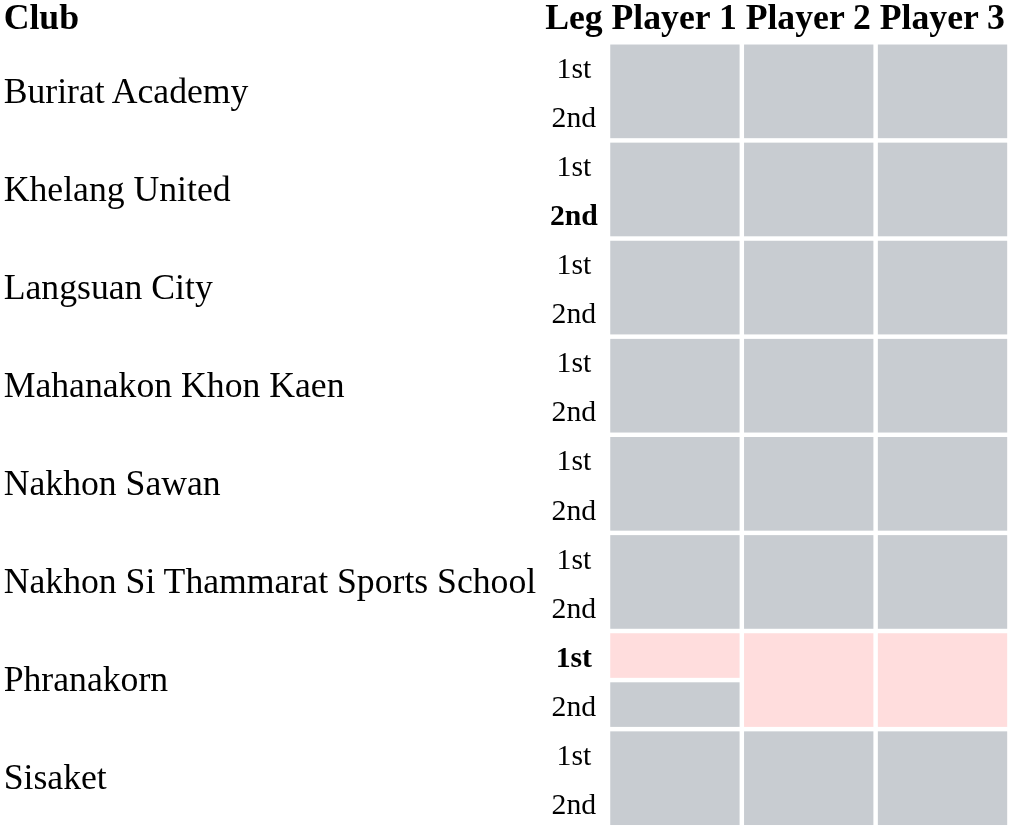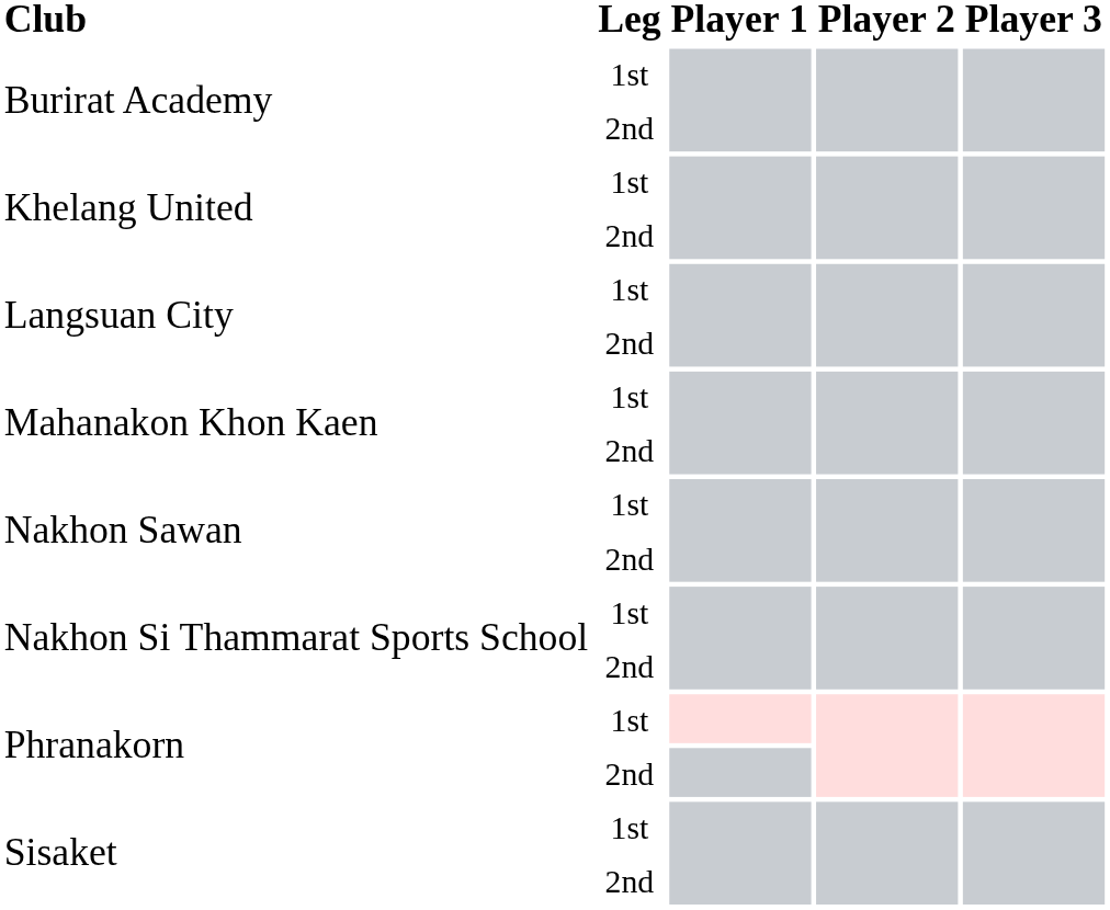 <table class="sortable" style="text-align:left">
 <tr>
 <th>Club</th>
 <th>Leg</th>
 <th>Player 1</th>
 <th>Player 2</th>
 <th>Player 3</th>
 </tr>
 <tr>
 <td rowspan="2">Burirat Academy</td>
 <td align="center"><small>1st</small></td>
 <td bgcolor="#c8ccd1"rowspan="2"></td>
 <td bgcolor="#c8ccd1"rowspan="2"></td>
 <td bgcolor="#c8ccd1"rowspan="2"></td>
 </tr>
 <tr>
 <td align="center"><small>2nd</small></td>
 </tr>
 <tr>
 <td rowspan="2">Khelang United</td>
 <td align="center"><small>1st</small></td>
 <td bgcolor="#c8ccd1"rowspan="2"></td>
 <td bgcolor="#c8ccd1"rowspan="2"></td>
 <td bgcolor="#c8ccd1"rowspan="2"></td>
 </tr>
 <tr>
-<td align="center"><strong><small>2nd</small></strong></td>
+<td align="center"><small>2nd</small></td>
 </tr>
 <tr>
 <td rowspan="2">Langsuan City</td>
 <td align="center"><small>1st</small></td>
 <td bgcolor="#c8ccd1"rowspan="2"></td>
 <td bgcolor="#c8ccd1"rowspan="2"></td>
 <td bgcolor="#c8ccd1"rowspan="2"></td>
 </tr>
 <tr>
 <td align="center"><small>2nd</small></td>
 </tr>
 <tr>
 <td rowspan="2">Mahanakon Khon Kaen</td>
 <td align="center"><small>1st</small></td>
 <td bgcolor="#c8ccd1"rowspan="2"></td>
 <td bgcolor="#c8ccd1"rowspan="2"></td>
 <td bgcolor="#c8ccd1"rowspan="2"></td>
 </tr>
 <tr>
 <td align="center"><small>2nd</small></td>
 </tr>
 <tr>
 <td rowspan="2">Nakhon Sawan</td>
 <td align="center"><small>1st</small></td>
 <td bgcolor="#c8ccd1"rowspan="2"></td>
 <td bgcolor="#c8ccd1"rowspan="2"></td>
 <td bgcolor="#c8ccd1"rowspan="2"></td>
 </tr>
 <tr>
 <td align="center"><small>2nd</small></td>
 </tr>
 <tr>
 <td rowspan="2">Nakhon Si Thammarat Sports School</td>
 <td align="center"><small>1st</small></td>
 <td bgcolor="#c8ccd1"rowspan="2"></td>
 <td bgcolor="#c8ccd1"rowspan="2"></td>
 <td bgcolor="#c8ccd1"rowspan="2"></td>
 </tr>
 <tr>
 <td align="center"><small>2nd</small></td>
 </tr>
 <tr>
 <td rowspan="2">Phranakorn</td>
-<td align="center"><strong><small>1st</small></strong></td>
+<td align="center"><small>1st</small></td>
 <td bgcolor="#ffdddd"></td>
 <td bgcolor="#ffdddd"rowspan="2"></td>
 <td bgcolor="#ffdddd"rowspan="2"></td>
 </tr>
 <tr>
 <td align="center"><small>2nd</small></td>
 <td bgcolor="#c8ccd1"></td>
 </tr>
 <tr>
 <td rowspan="2">Sisaket</td>
 <td align="center"><small>1st</small></td>
 <td bgcolor="#c8ccd1"rowspan="2"></td>
 <td bgcolor="#c8ccd1"rowspan="2"></td>
 <td bgcolor="#c8ccd1"rowspan="2"></td>
 </tr>
 <tr>
 <td align="center"><small>2nd</small></td>
 </tr>
 </table>
